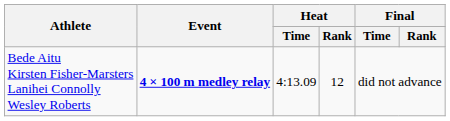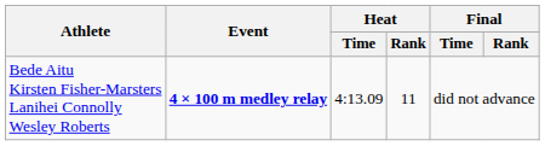 <table class=wikitable style=font-size:90%>
 <tr>
 <th rowspan=2>Athlete</th>
 <th rowspan=2>Event</th>
 <th colspan=2>Heat</th>
 <th colspan=2>Final</th>
 </tr>
 <tr style=font-size:95%>
 <th>Time</th>
 <th>Rank</th>
 <th>Time</th>
 <th>Rank</th>
 </tr>
 <tr align=center>
 <td align=left><a href='#'>Bede Aitu</a><br><a href='#'>Kirsten Fisher-Marsters</a><br><a href='#'>Lanihei Connolly</a><br><a href='#'>Wesley Roberts</a></td>
 <td align=left><strong><a href='#'>4 × 100 m medley relay</a></strong></td>
 <td>4:13.09</td>
-<td>12</td>
+<td>11</td>
 <td colspan=2>did not advance</td>
 </tr>
 </table>
